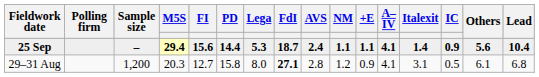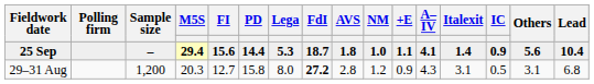 <table class="wikitable mw-collapsible" style="text-align:center;font-size:85%;line-height:13px">
 <tr style="height:30px; background-color:#8B8B8B">
 <th rowspan="2" style="width:100px;">Fieldwork date</th>
 <th rowspan="2" style="width:150px;">Polling firm</th>
 <th rowspan="2" style="width:80px;">Sample size</th>
 <th style="width:35px;"><a href='#'>M5S</a></th>
 <th style="width:35px;"><a href='#'>FI</a></th>
 <th style="width:35px;"><a href='#'>PD</a></th>
 <th style="width:35px;"><a href='#'>Lega</a></th>
 <th style="width:35px;"><a href='#'>FdI</a></th>
 <th style="width:35px;"><a href='#'>AVS</a></th>
 <th style="width:35px;"><a href='#'>NM</a></th>
 <th style="width:35px;"><a href='#'>+E</a></th>
 <th style="width:35px;"><a href='#'>A–IV</a></th>
 <th style="width:35px;"><a href='#'>Italexit</a></th>
 <th style="width:35px;"><a href='#'>IC</a></th>
 <th rowspan="2" style="width:35px;">Others</th>
 <th rowspan="2" style="width:25px;">Lead</th>
 </tr>
 <tr>
 <th style="background:"></th>
 <th style="background:"></th>
 <th style="background:"></th>
 <th style="background:"></th>
 <th style="background:"></th>
 <th style="background:"></th>
 <th style="background:"></th>
 <th style="background:"></th>
 <th style="background:"></th>
 <th style="background:"></th>
 <th style="background:"></th>
 </tr>
 <tr style="background:#EFEFEF; font-weight:bold;">
 <td>25 Sep</td>
 <td></td>
 <td>–</td>
 <td style="background:#FFFFBF">29.4</td>
 <td>15.6</td>
 <td>14.4</td>
 <td>5.3</td>
 <td>18.7</td>
-<td>2.4</td>
-<td>1.1</td>
+<td>1.8</td>
+<td>1.0</td>
 <td>1.1</td>
 <td>4.1</td>
 <td>1.4</td>
 <td>0.9</td>
 <td>5.6</td>
 <td style="background:">10.4</td>
 </tr>
 <tr>
 <td>29–31 Aug</td>
 <td></td>
 <td>1,200</td>
 <td>20.3</td>
 <td>12.7</td>
 <td>15.8</td>
 <td>8.0</td>
-<td><strong>27.1</strong></td>
+<td><strong>27.2</strong></td>
 <td>2.8</td>
 <td>1.2</td>
 <td>0.9</td>
-<td>4.1</td>
+<td>4.3</td>
 <td>3.1</td>
 <td>0.5</td>
-<td>6.1</td>
+<td>3.1</td>
 <td style="background:">6.8</td>
 </tr>
 </table>
